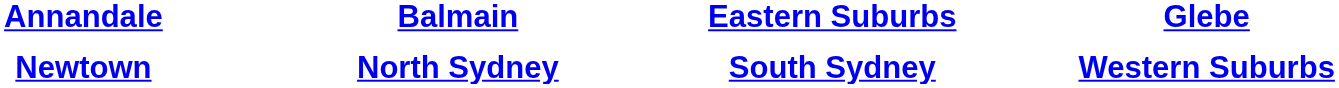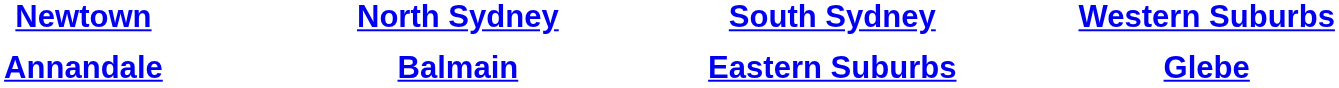 <table class="toccolours" style="margin:auto; text-valign:center;" cellpadding="3" cellspacing="2">
 <tr>
 <th width=185></th>
 <th width=185></th>
 <th width=185></th>
 <th width=185></th>
 </tr>
 <tr>
+<td style="text-align:center;"><strong><a href='#'>Newtown</a></strong><br></td>
+<td style="text-align:center;"><strong><a href='#'>North Sydney</a></strong><br></td>
+<td style="text-align:center;"><strong><a href='#'>South Sydney</a></strong><br></td>
+<td style="text-align:center;"><strong><a href='#'>Western Suburbs</a></strong><br></td>
+</tr>
+<tr>
 <td style="text-align:center;"><strong><a href='#'>Annandale</a></strong><br></td>
 <td style="text-align:center;"><strong><a href='#'>Balmain</a></strong><br></td>
 <td style="text-align:center;"><strong><a href='#'>Eastern Suburbs</a></strong><br></td>
 <td style="text-align:center;"><strong><a href='#'>Glebe</a></strong><br></td>
 </tr>
-<tr>
-<td style="text-align:center;"><strong><a href='#'>Newtown</a></strong><br></td>
-<td style="text-align:center;"><strong><a href='#'>North Sydney</a></strong><br></td>
-<td style="text-align:center;"><strong><a href='#'>South Sydney</a></strong><br></td>
-<td style="text-align:center;"><strong><a href='#'>Western Suburbs</a></strong><br></td>
-</tr>
 </table>
